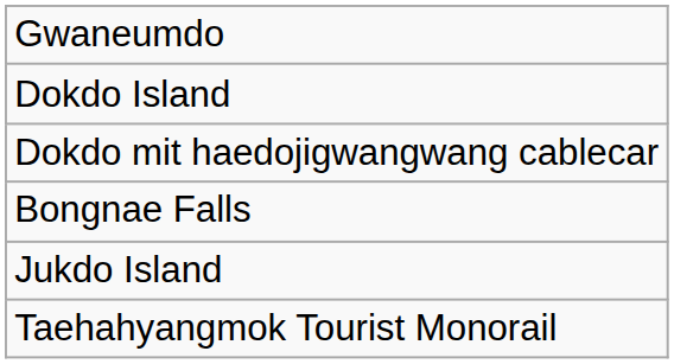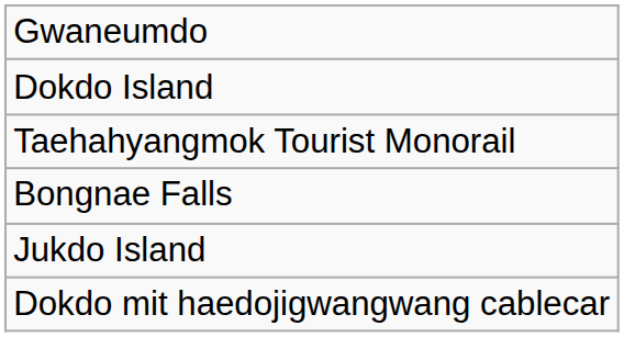 <table class="wikitable">
 <tr>
 <td>Gwaneumdo</td>
 </tr>
 <tr>
 <td>Dokdo Island</td>
 </tr>
 <tr>
-<td>Dokdo mit haedojigwangwang cablecar</td>
+<td>Taehahyangmok Tourist Monorail</td>
 </tr>
 <tr>
 <td>Bongnae Falls</td>
 </tr>
 <tr>
 <td>Jukdo Island</td>
 </tr>
 <tr>
-<td>Taehahyangmok Tourist Monorail</td>
+<td>Dokdo mit haedojigwangwang cablecar</td>
 </tr>
 </table>
